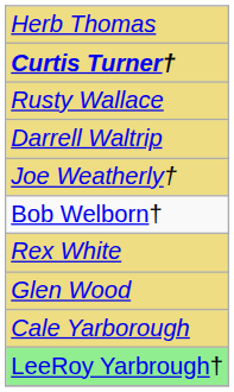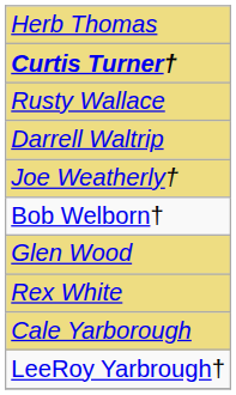 <table class="wikitable" style="float:left;">
 <tr>
 <td style="background:#eedd82"><em><a href='#'>Herb Thomas</a></em></td>
 </tr>
 <tr>
 <td style="background:#eedd82"><strong><em><a href='#'>Curtis Turner</a>†</em></strong></td>
 </tr>
 <tr>
 <td style="background:#eedd82"><em><a href='#'>Rusty Wallace</a></em></td>
 </tr>
 <tr>
 <td style="background:#eedd82"><em><a href='#'>Darrell Waltrip</a></em></td>
 </tr>
 <tr>
 <td style="background:#eedd82"><em><a href='#'>Joe Weatherly</a>†</em></td>
 </tr>
 <tr>
 <td><a href='#'>Bob Welborn</a>†</td>
 </tr>
 <tr>
-<td style="background:#eedd82"><em><a href='#'>Rex White</a></em></td>
+<td style="background:#eedd82"><em><a href='#'>Glen Wood</a></em></td>
 </tr>
 <tr>
-<td style="background:#eedd82"><em><a href='#'>Glen Wood</a></em></td>
+<td style="background:#eedd82"><em><a href='#'>Rex White</a></em></td>
 </tr>
 <tr>
 <td style="background:#eedd82"><em><a href='#'>Cale Yarborough</a></em></td>
 </tr>
 <tr>
-<td style="background: lightgreen;"><a href='#'>LeeRoy Yarbrough</a>†</td>
+<td><a href='#'>LeeRoy Yarbrough</a>†</td>
 </tr>
 <tr>
 </tr>
 </table>
